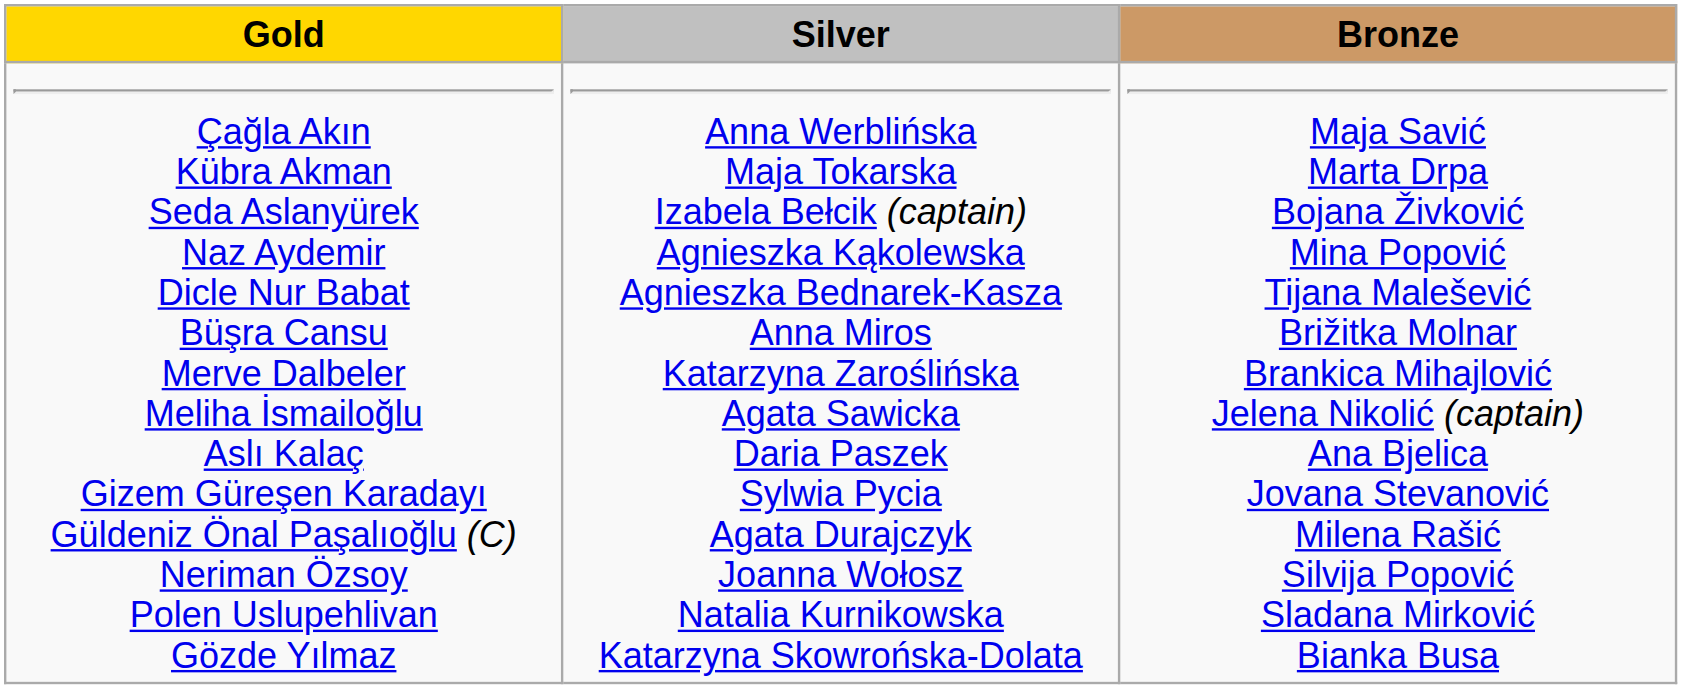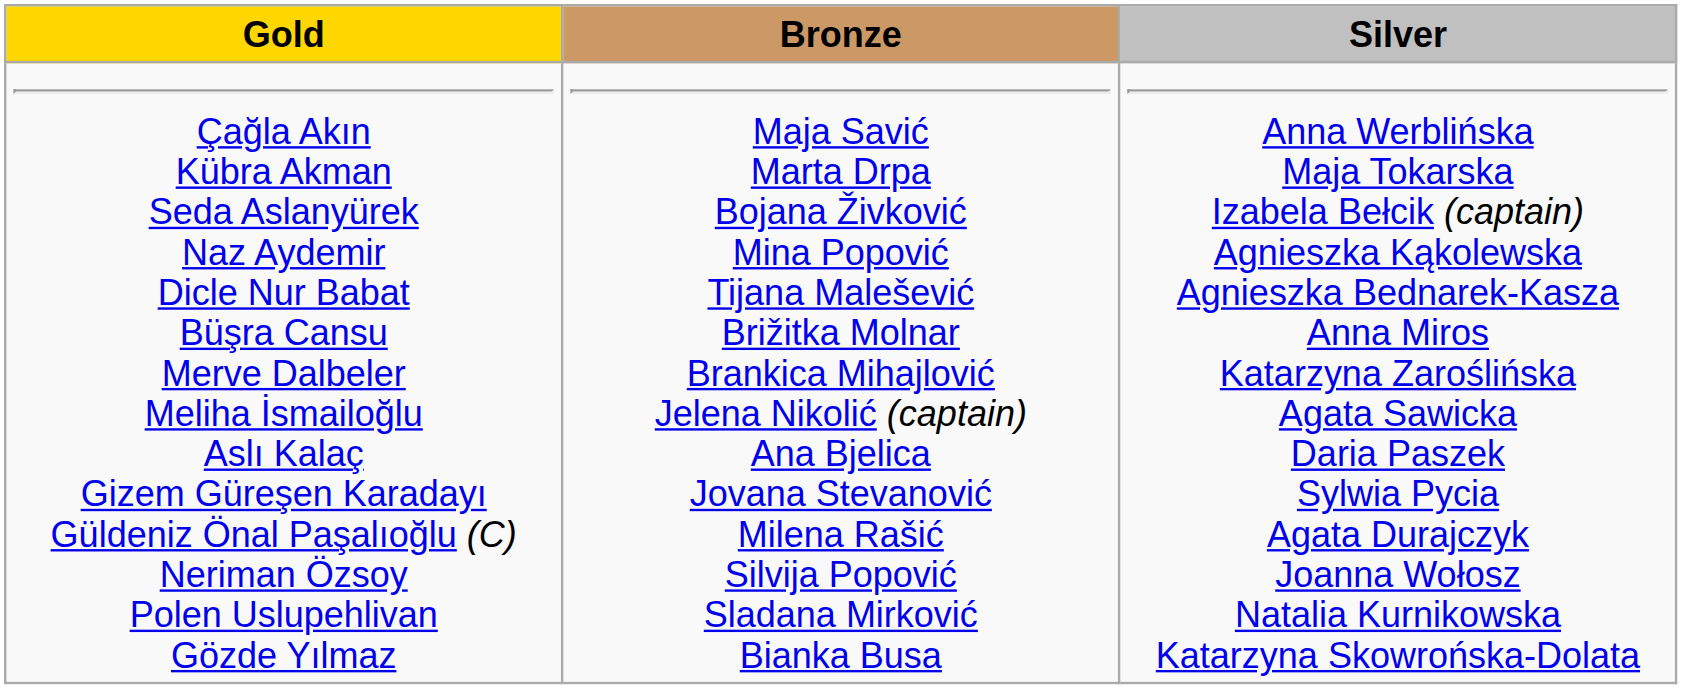 <table class="wikitable" style="font-size:95%; text-align:center;">
 <tr>
 <th style="width: 15em; background: gold">Gold</th>
+<th style="width: 15em; background: #CC9966">Bronze</th>
 <th style="width: 15em; background: silver">Silver</th>
-<th style="width: 15em; background: #CC9966">Bronze</th>
 </tr>
 <tr style="vertical-align:top;">
 <td><hr><a href='#'>Çağla Akın</a><br><a href='#'>Kübra Akman</a><br><a href='#'>Seda Aslanyürek</a><br><a href='#'>Naz Aydemir</a><br><a href='#'>Dicle Nur Babat</a><br><a href='#'>Büşra Cansu</a><br><a href='#'>Merve Dalbeler</a><br><a href='#'>Meliha İsmailoğlu</a><br><a href='#'>Aslı Kalaç</a><br><a href='#'>Gizem Güreşen Karadayı</a><br><a href='#'>Güldeniz Önal Paşalıoğlu</a> <em>(C)</em><br><a href='#'>Neriman Özsoy</a> <br><a href='#'>Polen Uslupehlivan</a><br><a href='#'>Gözde Yılmaz</a></td>
+<td><hr><a href='#'>Maja Savić</a><br><a href='#'>Marta Drpa</a><br><a href='#'>Bojana Živković</a><br><a href='#'>Mina Popović</a><br><a href='#'>Tijana Malešević</a><br><a href='#'>Brižitka Molnar</a><br><a href='#'>Brankica Mihajlović</a><br><a href='#'>Jelena Nikolić</a> <em>(captain)</em><br><a href='#'>Ana Bjelica</a><br><a href='#'>Jovana Stevanović</a><br><a href='#'>Milena Rašić</a><br><a href='#'>Silvija Popović</a><br><a href='#'>Sladana Mirković</a><br><a href='#'>Bianka Busa</a></td>
 <td><hr><a href='#'>Anna Werblińska</a><br><a href='#'>Maja Tokarska</a><br><a href='#'>Izabela Bełcik</a> <em>(captain)</em><br><a href='#'>Agnieszka Kąkolewska</a><br><a href='#'>Agnieszka Bednarek-Kasza</a><br><a href='#'>Anna Miros</a><br><a href='#'>Katarzyna Zaroślińska</a><br><a href='#'>Agata Sawicka</a><br><a href='#'>Daria Paszek</a><br><a href='#'>Sylwia Pycia</a><br><a href='#'>Agata Durajczyk</a><br><a href='#'>Joanna Wołosz</a><br><a href='#'>Natalia Kurnikowska</a><br><a href='#'>Katarzyna Skowrońska-Dolata</a></td>
-<td><hr><a href='#'>Maja Savić</a><br><a href='#'>Marta Drpa</a><br><a href='#'>Bojana Živković</a><br><a href='#'>Mina Popović</a><br><a href='#'>Tijana Malešević</a><br><a href='#'>Brižitka Molnar</a><br><a href='#'>Brankica Mihajlović</a><br><a href='#'>Jelena Nikolić</a> <em>(captain)</em><br><a href='#'>Ana Bjelica</a><br><a href='#'>Jovana Stevanović</a><br><a href='#'>Milena Rašić</a><br><a href='#'>Silvija Popović</a><br><a href='#'>Sladana Mirković</a><br><a href='#'>Bianka Busa</a></td>
 </tr>
 </table>
